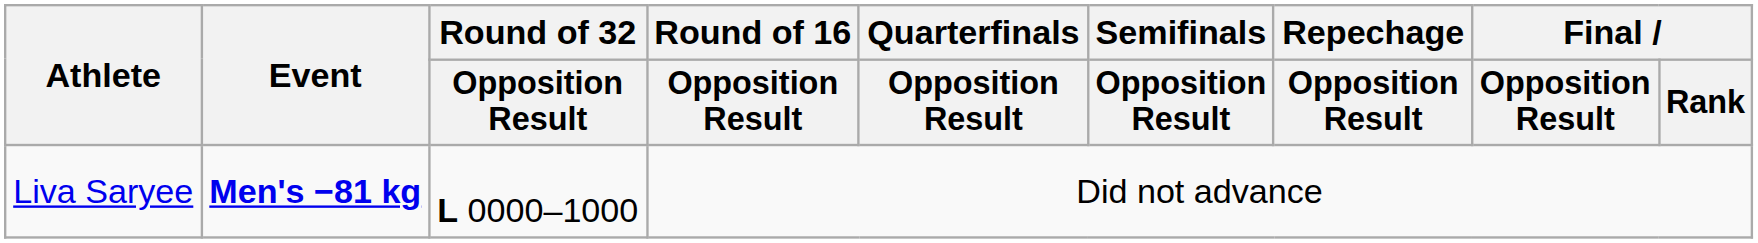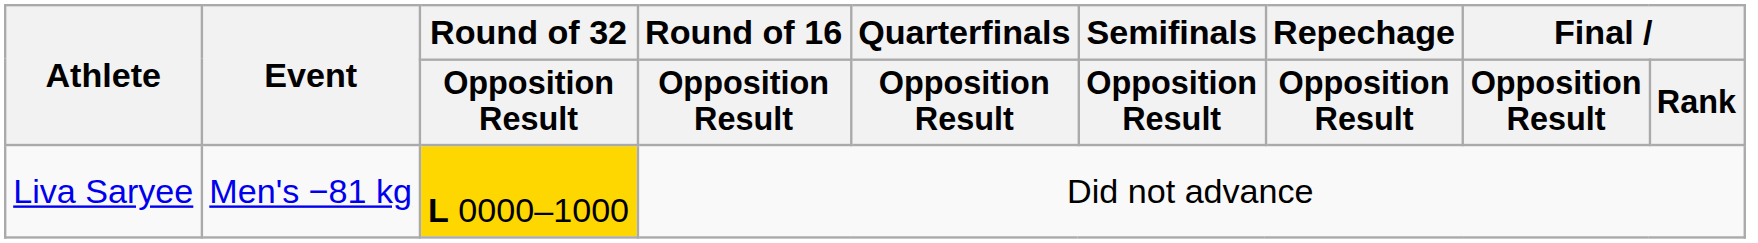 <table class="wikitable" style="font-size:90%">
 <tr>
 <th rowspan="2">Athlete</th>
 <th rowspan="2">Event</th>
 <th>Round of 32</th>
 <th>Round of 16</th>
 <th>Quarterfinals</th>
 <th>Semifinals</th>
 <th>Repechage</th>
 <th colspan=2>Final / </th>
 </tr>
 <tr style="font-size:95%">
 <th>Opposition<br>Result</th>
 <th>Opposition<br>Result</th>
 <th>Opposition<br>Result</th>
 <th>Opposition<br>Result</th>
 <th>Opposition<br>Result</th>
 <th>Opposition<br>Result</th>
 <th>Rank</th>
 </tr>
 <tr align=center>
 <td align=left><a href='#'>Liva Saryee</a></td>
-<td align=left><strong><a href='#'>Men's −81 kg</a></strong></td>
-<td><br><strong>L</strong> 0000–1000</td>
+<td align=left><a href='#'>Men's −81 kg</a></td>
+<td style="background: gold;"><br><strong>L</strong> 0000–1000</td>
 <td colspan=6>Did not advance</td>
 </tr>
 </table>
